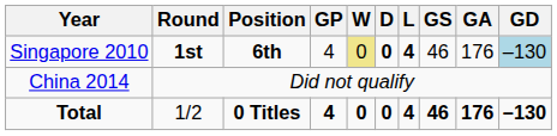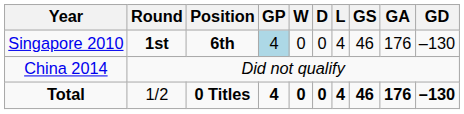 <table class="wikitable" style="text-align: center;">
 <tr>
 <th>Year</th>
 <th>Round</th>
 <th>Position</th>
 <th>GP</th>
 <th>W</th>
 <th>D</th>
 <th>L</th>
 <th>GS</th>
 <th>GA</th>
 <th>GD</th>
 </tr>
 <tr>
 <td><a href='#'>Singapore 2010</a></td>
 <td><strong>1st</strong></td>
 <td><strong>6th</strong></td>
+<td style="background: lightblue;">4</td>
+<td>0</td>
+<td>0</td>
 <td>4</td>
-<td style="background: khaki;">0</td>
-<td><strong>0</strong></td>
-<td><strong>4</strong></td>
 <td>46</td>
 <td>176</td>
-<td style="background: lightblue;">–130</td>
+<td>–130</td>
 </tr>
 <tr>
 <td><a href='#'>China 2014</a></td>
 <td colspan="9"><em>Did not qualify</em></td>
 </tr>
 <tr>
 <td><strong>Total</strong></td>
 <td>1/2</td>
 <td><strong>0 Titles</strong></td>
 <td><strong>4</strong></td>
 <td><strong>0</strong></td>
 <td><strong>0</strong></td>
 <td><strong>4</strong></td>
 <td><strong>46</strong></td>
 <td><strong>176</strong></td>
 <td><strong>–130</strong></td>
 </tr>
 </table>
